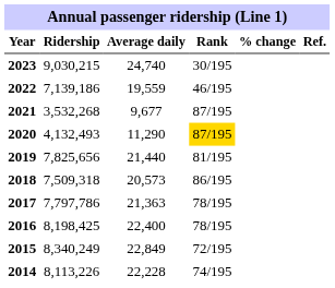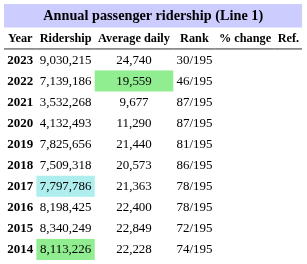 <table class="toccolours" cellpadding="4" cellspacing="0" style="text-align:right;">
 <tr>
 <th colspan="6"  style="background-color:#ccf; background-color:#ccf; font-size:110%; text-align:center;">Annual passenger ridership (Line 1)</th>
 </tr>
 <tr style="font-size:95%; text-align:center">
 <th style="border-bottom:1px solid black">Year</th>
 <th style="border-bottom:1px solid black">Ridership</th>
 <th style="border-bottom:1px solid black">Average daily</th>
 <th style="border-bottom:1px solid black">Rank</th>
 <th style="border-bottom:1px solid black">% change</th>
 <th style="border-bottom:1px solid black">Ref.</th>
 </tr>
 <tr style="text-align:center;">
 <td><strong>2023</strong></td>
 <td>9,030,215</td>
 <td>24,740</td>
 <td>30/195</td>
 <td></td>
 <td></td>
 </tr>
 <tr style="text-align:center;">
 <td><strong>2022</strong></td>
 <td>7,139,186</td>
-<td>19,559</td>
+<td style="background: lightgreen;">19,559</td>
 <td>46/195</td>
 <td></td>
 <td></td>
 </tr>
 <tr style="text-align:center;">
 <td><strong>2021</strong></td>
 <td>3,532,268</td>
 <td>9,677</td>
 <td>87/195</td>
 <td></td>
 <td></td>
 </tr>
 <tr style="text-align:center;">
 <td><strong>2020</strong></td>
 <td>4,132,493</td>
 <td>11,290</td>
-<td style="background: gold;">87/195</td>
+<td>87/195</td>
 <td></td>
 <td></td>
 </tr>
 <tr style="text-align:center;">
 <td><strong>2019</strong></td>
 <td>7,825,656</td>
 <td>21,440</td>
 <td>81/195</td>
 <td></td>
 <td></td>
 </tr>
 <tr style="text-align:center;">
 <td><strong>2018</strong></td>
 <td>7,509,318</td>
 <td>20,573</td>
 <td>86/195</td>
 <td></td>
 <td></td>
 </tr>
 <tr style="text-align:center;">
 <td><strong>2017</strong></td>
-<td>7,797,786</td>
+<td style="background: paleturquoise;">7,797,786</td>
 <td>21,363</td>
 <td>78/195</td>
 <td></td>
 <td></td>
 </tr>
 <tr style="text-align:center;">
 <td><strong>2016</strong></td>
 <td>8,198,425</td>
 <td>22,400</td>
 <td>78/195</td>
 <td></td>
 <td></td>
 </tr>
 <tr style="text-align:center;">
 <td><strong>2015</strong></td>
 <td>8,340,249</td>
 <td>22,849</td>
 <td>72/195</td>
 <td></td>
 <td></td>
 </tr>
 <tr style="text-align:center;">
 <td><strong>2014</strong></td>
-<td>8,113,226</td>
+<td style="background: lightgreen;">8,113,226</td>
 <td>22,228</td>
 <td>74/195</td>
 <td></td>
 <td></td>
 </tr>
 </table>
